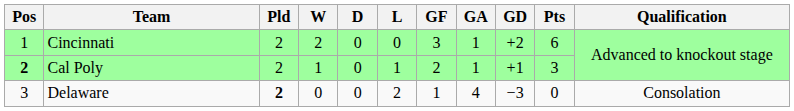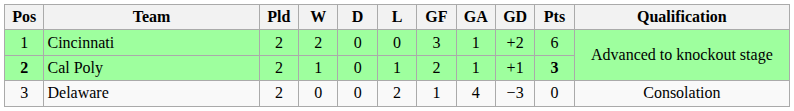 <table class="wikitable" style="text-align:center; margin: 1em auto">
 <tr>
 <th style="width:2em">Pos</th>
 <th style="width:13em">Team</th>
 <th style="width:2em">Pld</th>
 <th style="width:2em">W</th>
 <th style="width:2em">D</th>
 <th style="width:2em">L</th>
 <th style="width:2em">GF</th>
 <th style="width:2em">GA</th>
 <th style="width:2em">GD</th>
 <th style="width:2em">Pts</th>
 <th style="width:13em">Qualification</th>
 </tr>
 <tr bgcolor="#9eff9e">
 <td>1</td>
 <td style="text-align:left">Cincinnati</td>
 <td>2</td>
 <td>2</td>
 <td>0</td>
 <td>0</td>
 <td>3</td>
 <td>1</td>
 <td>+2</td>
 <td>6</td>
 <td rowspan="2">Advanced to knockout stage</td>
 </tr>
 <tr bgcolor="#9eff9e">
 <td><strong>2</strong></td>
 <td style="text-align:left">Cal Poly</td>
 <td>2</td>
 <td>1</td>
 <td>0</td>
 <td>1</td>
 <td>2</td>
 <td>1</td>
 <td>+1</td>
-<td>3</td>
+<td><strong>3</strong></td>
 </tr>
 <tr>
 <td>3</td>
 <td style="text-align:left">Delaware</td>
-<td><strong>2</strong></td>
+<td>2</td>
 <td>0</td>
 <td>0</td>
 <td>2</td>
 <td>1</td>
 <td>4</td>
 <td>−3</td>
 <td>0</td>
 <td>Consolation</td>
 </tr>
 </table>
